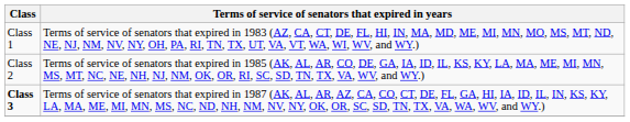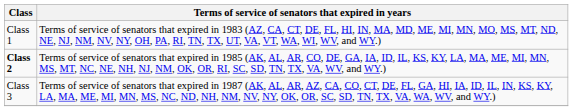 <table class="wikitable sortable">
 <tr valign=bottom>
 <th>Class</th>
 <th>Terms of service of senators that expired in years</th>
 </tr>
 <tr>
 <td>Class 1</td>
 <td>Terms of service of senators that expired in 1983 (<a href='#'>AZ</a>, <a href='#'>CA</a>, <a href='#'>CT</a>, <a href='#'>DE</a>, <a href='#'>FL</a>, <a href='#'>HI</a>, <a href='#'>IN</a>, <a href='#'>MA</a>, <a href='#'>MD</a>, <a href='#'>ME</a>,  <a href='#'>MI</a>, <a href='#'>MN</a>, <a href='#'>MO</a>, <a href='#'>MS</a>, <a href='#'>MT</a>, <a href='#'>ND</a>, <a href='#'>NE</a>, <a href='#'>NJ</a>, <a href='#'>NM</a>, <a href='#'>NV</a>, <a href='#'>NY</a>, <a href='#'>OH</a>, <a href='#'>PA</a>, <a href='#'>RI</a>, <a href='#'>TN</a>, <a href='#'>TX</a>, <a href='#'>UT</a>, <a href='#'>VA</a>, <a href='#'>VT</a>, <a href='#'>WA</a>, <a href='#'>WI</a>, <a href='#'>WV</a>, and <a href='#'>WY</a>.)</td>
 </tr>
 <tr>
-<td>Class 2</td>
+<td><strong>Class 2</strong></td>
 <td>Terms of service of senators that expired in 1985 (<a href='#'>AK</a>, <a href='#'>AL</a>, <a href='#'>AR</a>, <a href='#'>CO</a>, <a href='#'>DE</a>, <a href='#'>GA</a>, <a href='#'>IA</a>, <a href='#'>ID</a>, <a href='#'>IL</a>, <a href='#'>KS</a>, <a href='#'>KY</a>, <a href='#'>LA</a>, <a href='#'>MA</a>, <a href='#'>ME</a>, <a href='#'>MI</a>, <a href='#'>MN</a>, <a href='#'>MS</a>, <a href='#'>MT</a>, <a href='#'>NC</a>, <a href='#'>NE</a>, <a href='#'>NH</a>, <a href='#'>NJ</a>, <a href='#'>NM</a>, <a href='#'>OK</a>, <a href='#'>OR</a>, <a href='#'>RI</a>, <a href='#'>SC</a>, <a href='#'>SD</a>, <a href='#'>TN</a>, <a href='#'>TX</a>, <a href='#'>VA</a>, <a href='#'>WV</a>, and <a href='#'>WY</a>.)</td>
 </tr>
 <tr>
-<td><strong>Class 3</strong></td>
+<td>Class 3</td>
 <td>Terms of service of senators that expired in 1987 (<a href='#'>AK</a>, <a href='#'>AL</a>, <a href='#'>AR</a>, <a href='#'>AZ</a>, <a href='#'>CA</a>, <a href='#'>CO</a>, <a href='#'>CT</a>, <a href='#'>DE</a>, <a href='#'>FL</a>, <a href='#'>GA</a>, <a href='#'>HI</a>, <a href='#'>IA</a>, <a href='#'>ID</a>, <a href='#'>IL</a>, <a href='#'>IN</a>, <a href='#'>KS</a>, <a href='#'>KY</a>, <a href='#'>LA</a>, <a href='#'>MA</a>, <a href='#'>ME</a>, <a href='#'>MI</a>, <a href='#'>MN</a>, <a href='#'>MS</a>, <a href='#'>NC</a>, <a href='#'>ND</a>, <a href='#'>NH</a>, <a href='#'>NM</a>, <a href='#'>NV</a>, <a href='#'>NY</a>, <a href='#'>OK</a>, <a href='#'>OR</a>, <a href='#'>SC</a>, <a href='#'>SD</a>, <a href='#'>TN</a>, <a href='#'>TX</a>, <a href='#'>VA</a>, <a href='#'>WA</a>, <a href='#'>WV</a>, and <a href='#'>WY</a>.)</td>
 </tr>
 <tr>
 </tr>
 </table>
